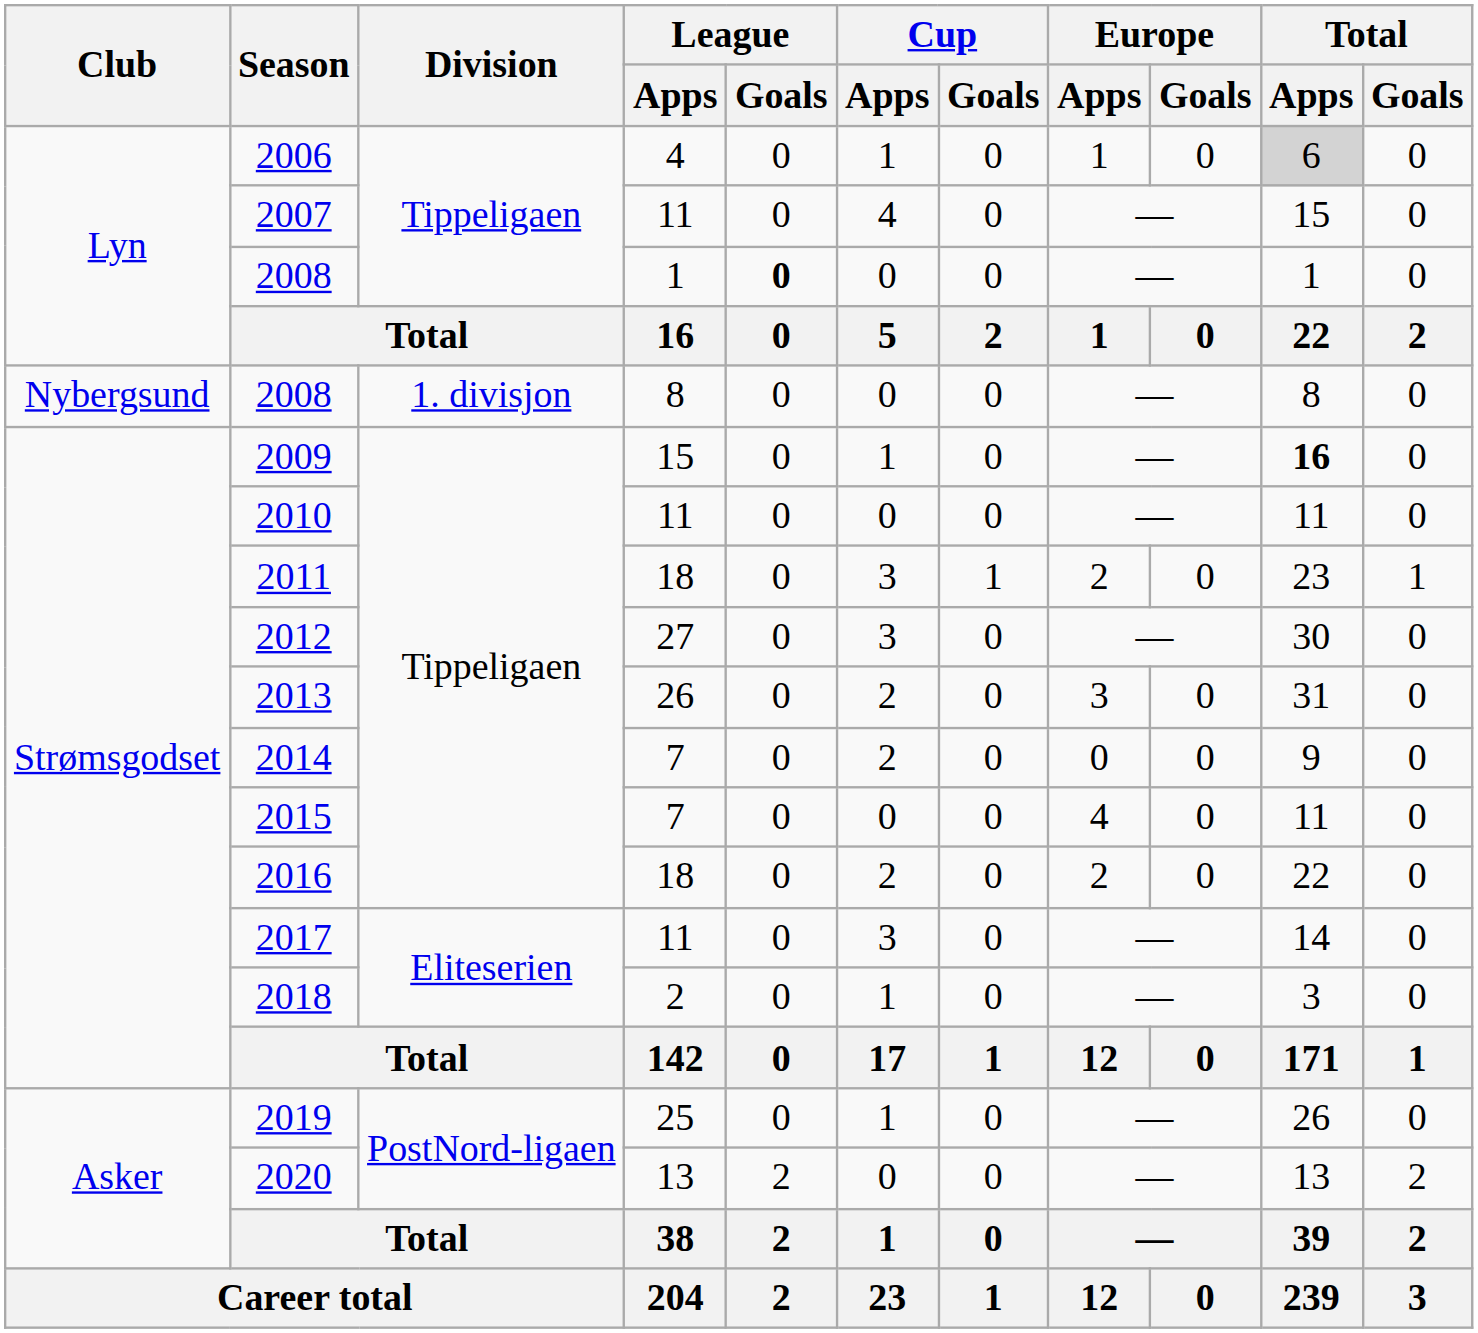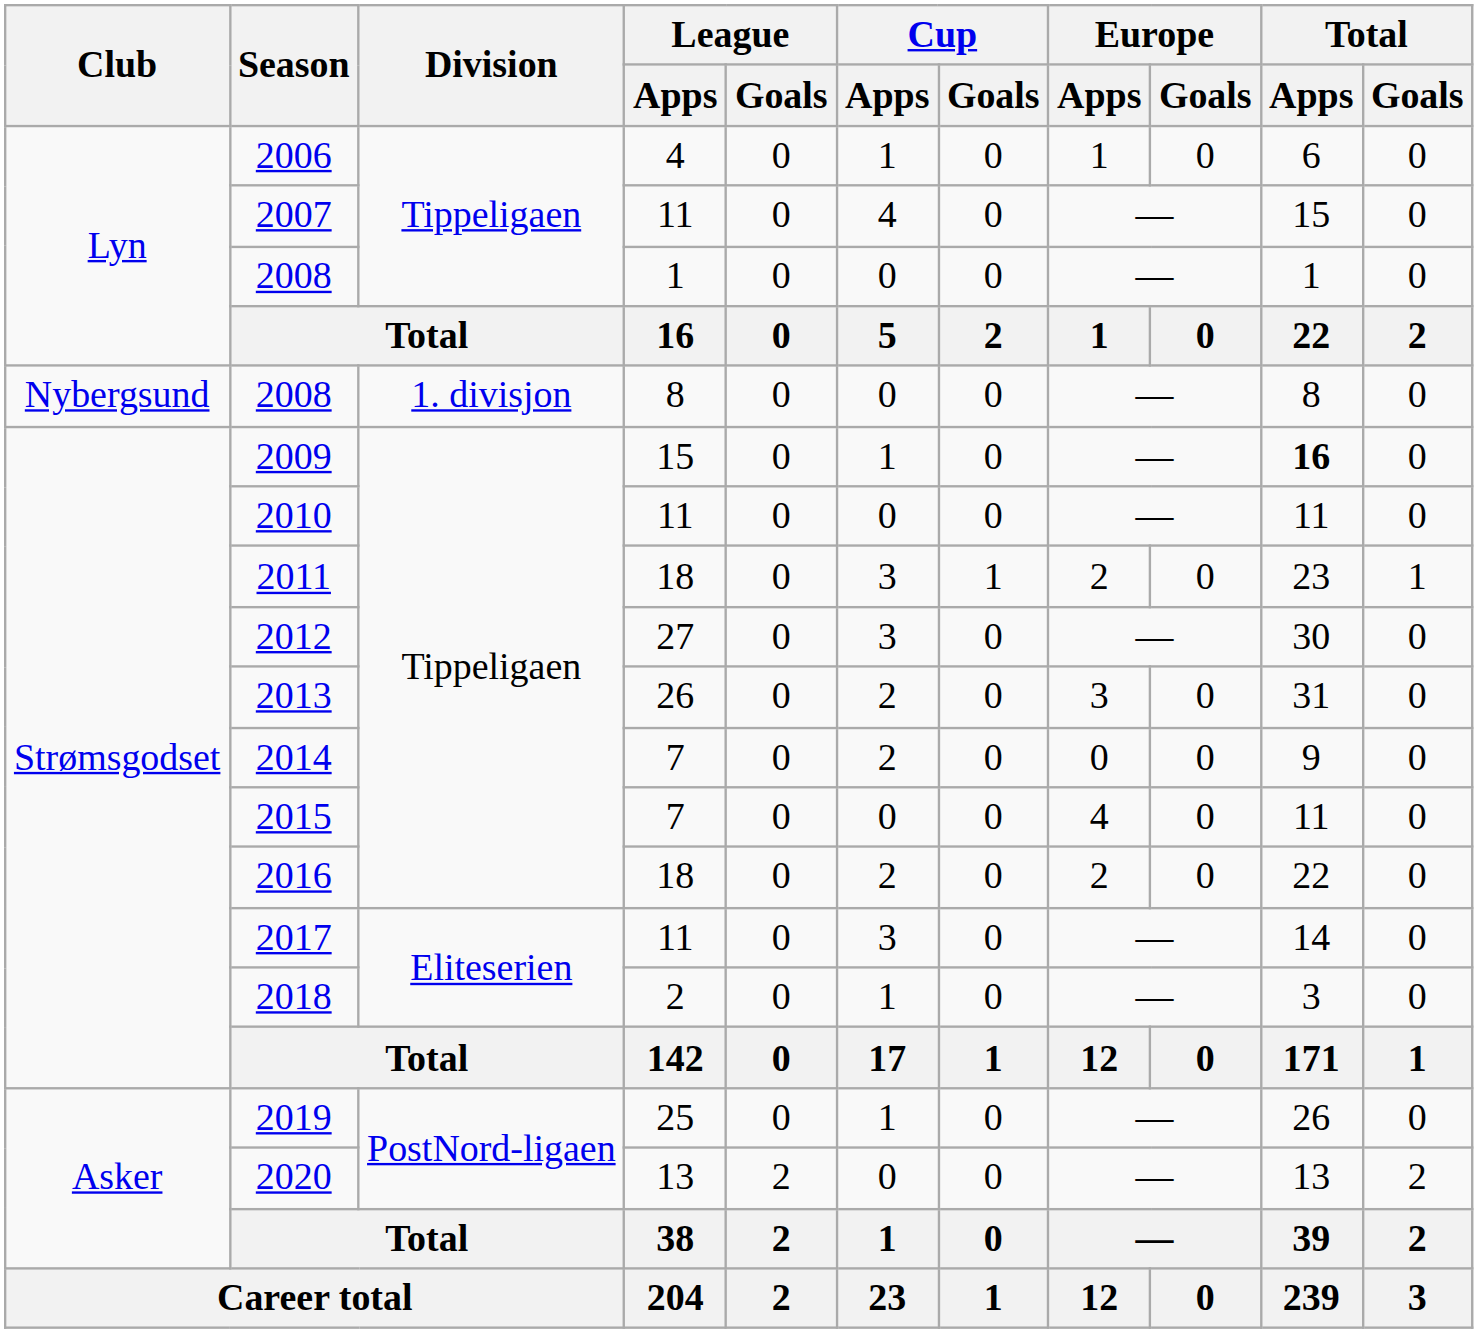 <table class="wikitable" style="text-align: center;">
 <tr>
 <th rowspan="2">Club</th>
 <th rowspan="2">Season</th>
 <th rowspan="2">Division</th>
 <th colspan="2">League</th>
 <th colspan="2"><a href='#'>Cup</a></th>
 <th colspan="2">Europe</th>
 <th colspan="2">Total</th>
 </tr>
 <tr>
 <th>Apps</th>
 <th>Goals</th>
 <th>Apps</th>
 <th>Goals</th>
 <th>Apps</th>
 <th>Goals</th>
 <th>Apps</th>
 <th>Goals</th>
 </tr>
 <tr>
 <td rowspan="4" valign="center"><a href='#'>Lyn</a></td>
 <td><a href='#'>2006</a></td>
 <td rowspan="3" valign="center"><a href='#'>Tippeligaen</a></td>
 <td>4</td>
 <td>0</td>
 <td>1</td>
 <td>0</td>
 <td>1</td>
 <td>0</td>
-<td style="background: lightgrey;">6</td>
+<td>6</td>
 <td>0</td>
 </tr>
 <tr>
 <td><a href='#'>2007</a></td>
 <td>11</td>
 <td>0</td>
 <td>4</td>
 <td>0</td>
 <td colspan=2>—</td>
 <td>15</td>
 <td>0</td>
 </tr>
 <tr>
 <td><a href='#'>2008</a></td>
 <td>1</td>
-<td><strong>0</strong></td>
+<td>0</td>
 <td>0</td>
 <td>0</td>
 <td colspan=2>—</td>
 <td>1</td>
 <td>0</td>
 </tr>
 <tr>
 <th colspan="2">Total</th>
 <th>16</th>
 <th>0</th>
 <th>5</th>
 <th>2</th>
 <th>1</th>
 <th>0</th>
 <th>22</th>
 <th>2</th>
 </tr>
 <tr>
 <td rowspan="1" valign="center"><a href='#'>Nybergsund</a></td>
 <td><a href='#'>2008</a></td>
 <td><a href='#'>1. divisjon</a></td>
 <td>8</td>
 <td>0</td>
 <td>0</td>
 <td>0</td>
 <td colspan=2>—</td>
 <td>8</td>
 <td>0</td>
 </tr>
 <tr>
 <td rowspan="11" valign="center"><a href='#'>Strømsgodset</a></td>
 <td><a href='#'>2009</a></td>
 <td rowspan="8" valign="center">Tippeligaen</td>
 <td>15</td>
 <td>0</td>
 <td>1</td>
 <td>0</td>
 <td colspan=2>—</td>
 <td><strong>16</strong></td>
 <td>0</td>
 </tr>
 <tr>
 <td><a href='#'>2010</a></td>
 <td>11</td>
 <td>0</td>
 <td>0</td>
 <td>0</td>
 <td colspan=2>—</td>
 <td>11</td>
 <td>0</td>
 </tr>
 <tr>
 <td><a href='#'>2011</a></td>
 <td>18</td>
 <td>0</td>
 <td>3</td>
 <td>1</td>
 <td>2</td>
 <td>0</td>
 <td>23</td>
 <td>1</td>
 </tr>
 <tr>
 <td><a href='#'>2012</a></td>
 <td>27</td>
 <td>0</td>
 <td>3</td>
 <td>0</td>
 <td colspan=2>—</td>
 <td>30</td>
 <td>0</td>
 </tr>
 <tr>
 <td><a href='#'>2013</a></td>
 <td>26</td>
 <td>0</td>
 <td>2</td>
 <td>0</td>
 <td>3</td>
 <td>0</td>
 <td>31</td>
 <td>0</td>
 </tr>
 <tr>
 <td><a href='#'>2014</a></td>
 <td>7</td>
 <td>0</td>
 <td>2</td>
 <td>0</td>
 <td>0</td>
 <td>0</td>
 <td>9</td>
 <td>0</td>
 </tr>
 <tr>
 <td><a href='#'>2015</a></td>
 <td>7</td>
 <td>0</td>
 <td>0</td>
 <td>0</td>
 <td>4</td>
 <td>0</td>
 <td>11</td>
 <td>0</td>
 </tr>
 <tr>
 <td><a href='#'>2016</a></td>
 <td>18</td>
 <td>0</td>
 <td>2</td>
 <td>0</td>
 <td>2</td>
 <td>0</td>
 <td>22</td>
 <td>0</td>
 </tr>
 <tr>
 <td><a href='#'>2017</a></td>
 <td rowspan="2" valign="center"><a href='#'>Eliteserien</a></td>
 <td>11</td>
 <td>0</td>
 <td>3</td>
 <td>0</td>
 <td colspan=2>—</td>
 <td>14</td>
 <td>0</td>
 </tr>
 <tr>
 <td><a href='#'>2018</a></td>
 <td>2</td>
 <td>0</td>
 <td>1</td>
 <td>0</td>
 <td colspan=2>—</td>
 <td>3</td>
 <td>0</td>
 </tr>
 <tr>
 <th colspan="2">Total</th>
 <th>142</th>
 <th>0</th>
 <th>17</th>
 <th>1</th>
 <th>12</th>
 <th>0</th>
 <th>171</th>
 <th>1</th>
 </tr>
 <tr>
 <td rowspan="3" valign="center"><a href='#'>Asker</a></td>
 <td><a href='#'>2019</a></td>
 <td rowspan="2" valign="center"><a href='#'>PostNord-ligaen</a></td>
 <td>25</td>
 <td>0</td>
 <td>1</td>
 <td>0</td>
 <td colspan=2>—</td>
 <td>26</td>
 <td>0</td>
 </tr>
 <tr>
 <td><a href='#'>2020</a></td>
 <td>13</td>
 <td>2</td>
 <td>0</td>
 <td>0</td>
 <td colspan=2>—</td>
 <td>13</td>
 <td>2</td>
 </tr>
 <tr>
 <th colspan="2">Total</th>
 <th>38</th>
 <th>2</th>
 <th>1</th>
 <th>0</th>
 <th colspan=2>—</th>
 <th>39</th>
 <th>2</th>
 </tr>
 <tr>
 <th colspan="3">Career total</th>
 <th>204</th>
 <th>2</th>
 <th>23</th>
 <th>1</th>
 <th>12</th>
 <th>0</th>
 <th>239</th>
 <th>3</th>
 </tr>
 </table>
